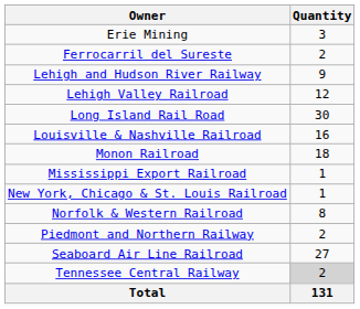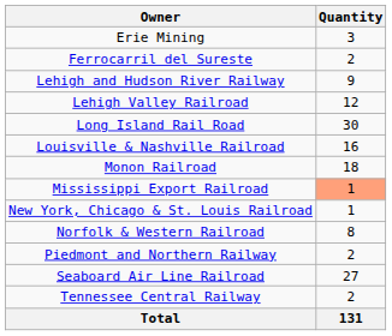 <table class="wikitable">
 <tr>
 <th>Owner</th>
 <th>Quantity</th>
 </tr>
 <tr align="center">
 <td>Erie Mining</td>
 <td>3</td>
 </tr>
 <tr align="center">
 <td><a href='#'>Ferrocarril del Sureste</a></td>
 <td>2</td>
 </tr>
 <tr align="center">
 <td><a href='#'>Lehigh and Hudson River Railway</a></td>
 <td>9</td>
 </tr>
 <tr align="center">
 <td><a href='#'>Lehigh Valley Railroad</a></td>
 <td>12</td>
 </tr>
 <tr align="center">
 <td><a href='#'>Long Island Rail Road</a></td>
 <td>30</td>
 </tr>
 <tr align="center">
 <td><a href='#'>Louisville & Nashville Railroad</a></td>
 <td>16</td>
 </tr>
 <tr align="center">
 <td><a href='#'>Monon Railroad</a></td>
 <td>18</td>
 </tr>
 <tr align="center">
 <td><a href='#'>Mississippi Export Railroad</a></td>
-<td>1</td>
+<td style="background: lightsalmon;">1</td>
 </tr>
 <tr align="center">
 <td><a href='#'>New York, Chicago & St. Louis Railroad</a></td>
 <td>1</td>
 </tr>
 <tr align="center">
 <td><a href='#'>Norfolk & Western Railroad</a></td>
 <td>8</td>
 </tr>
 <tr align="center">
 <td><a href='#'>Piedmont and Northern Railway</a></td>
 <td>2</td>
 </tr>
 <tr align="center">
 <td><a href='#'>Seaboard Air Line Railroad</a></td>
 <td>27</td>
 </tr>
 <tr align="center">
 <td><a href='#'>Tennessee Central Railway</a></td>
-<td style="background: lightgrey;">2</td>
+<td>2</td>
 </tr>
 <tr>
 <th>Total</th>
 <th>131</th>
 </tr>
 </table>
